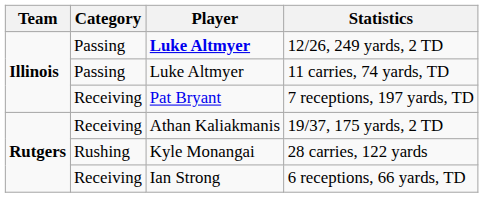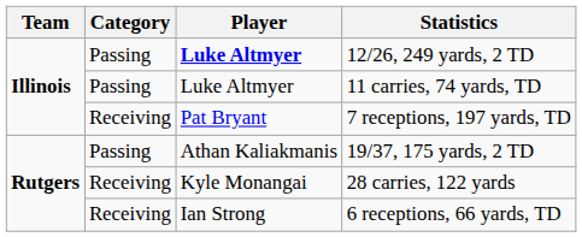 <table class="wikitable" style="float: right;">
 <tr>
 <th>Team</th>
 <th>Category</th>
 <th>Player</th>
 <th>Statistics</th>
 </tr>
 <tr>
 <td rowspan=3><strong>Illinois</strong></td>
 <td>Passing</td>
 <td><strong><a href='#'>Luke Altmyer</a></strong></td>
 <td>12/26, 249 yards, 2 TD</td>
 </tr>
 <tr>
 <td>Passing</td>
 <td>Luke Altmyer</td>
 <td>11 carries, 74 yards, TD</td>
 </tr>
 <tr>
 <td>Receiving</td>
 <td><a href='#'>Pat Bryant</a></td>
 <td>7 receptions, 197 yards, TD</td>
 </tr>
 <tr>
 <td rowspan=3><strong>Rutgers</strong></td>
-<td>Receiving</td>
+<td>Passing</td>
 <td>Athan Kaliakmanis</td>
 <td>19/37, 175 yards, 2 TD</td>
 </tr>
 <tr>
-<td>Rushing</td>
+<td>Receiving</td>
 <td>Kyle Monangai</td>
 <td>28 carries, 122 yards</td>
 </tr>
 <tr>
 <td>Receiving</td>
 <td>Ian Strong</td>
 <td>6 receptions, 66 yards, TD</td>
 </tr>
 </table>
